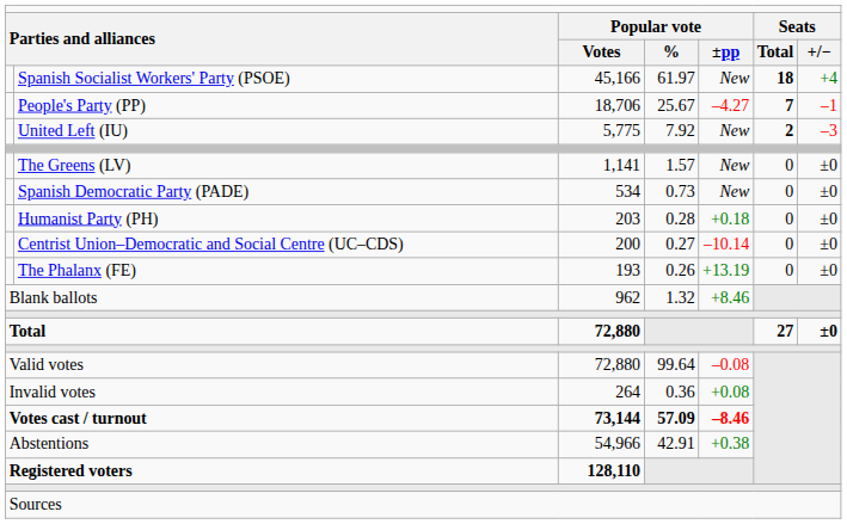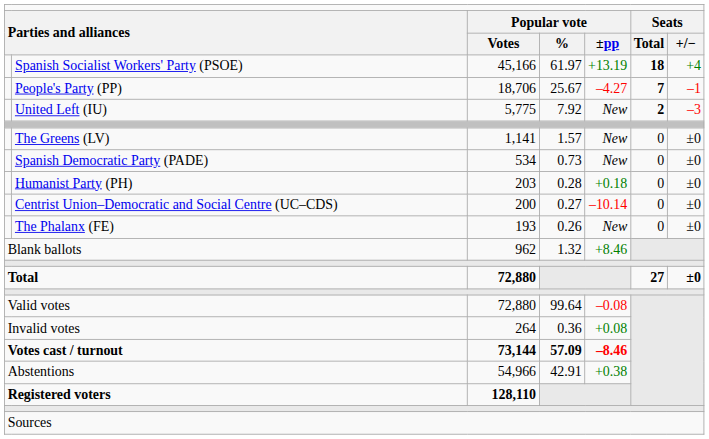 <table class="wikitable" style="text-align:right;">
 <tr>
 <td colspan="7"></td>
 </tr>
 <tr>
 <th style="text-align:left;" rowspan="2" colspan="2" width="525">Parties and alliances</th>
 <th colspan="3">Popular vote</th>
 <th colspan="2">Seats</th>
 </tr>
 <tr>
 <th width="75">Votes</th>
 <th width="45">%</th>
 <th width="45">±<a href='#'>pp</a></th>
 <th width="35">Total</th>
 <th width="35">+/−</th>
 </tr>
 <tr>
 <td width="1" style="color:inherit;background:"></td>
 <td align="left"><a href='#'>Spanish Socialist Workers' Party</a> (PSOE)</td>
 <td>45,166</td>
 <td>61.97</td>
-<td><em>New</em></td>
+<td style="color:green;">+13.19</td>
 <td><strong>18</strong></td>
 <td style="color:green;">+4</td>
 </tr>
 <tr>
 <td style="color:inherit;background:"></td>
 <td align="left"><a href='#'>People's Party</a> (PP)</td>
 <td>18,706</td>
 <td>25.67</td>
 <td style="color:red;">–4.27</td>
 <td><strong>7</strong></td>
 <td style="color:red;">–1</td>
 </tr>
 <tr>
 <td style="color:inherit;background:"></td>
 <td align="left"><a href='#'>United Left</a> (IU)</td>
 <td>5,775</td>
 <td>7.92</td>
 <td><em>New</em></td>
 <td><strong>2</strong></td>
 <td style="color:red;">–3</td>
 </tr>
 <tr>
 <td colspan="7" bgcolor="#C0C0C0"></td>
 </tr>
 <tr>
 <td style="color:inherit;background:"></td>
 <td align="left"><a href='#'>The Greens</a> (LV)</td>
 <td>1,141</td>
 <td>1.57</td>
 <td><em>New</em></td>
 <td>0</td>
 <td>±0</td>
 </tr>
 <tr>
 <td style="color:inherit;background:"></td>
 <td align="left"><a href='#'>Spanish Democratic Party</a> (PADE)</td>
 <td>534</td>
 <td>0.73</td>
 <td><em>New</em></td>
 <td>0</td>
 <td>±0</td>
 </tr>
 <tr>
 <td style="color:inherit;background:"></td>
 <td align="left"><a href='#'>Humanist Party</a> (PH)</td>
 <td>203</td>
 <td>0.28</td>
 <td style="color:green;">+0.18</td>
 <td>0</td>
 <td>±0</td>
 </tr>
 <tr>
 <td style="color:inherit;background:"></td>
 <td align="left"><a href='#'>Centrist Union–Democratic and Social Centre</a> (UC–CDS)</td>
 <td>200</td>
 <td>0.27</td>
 <td style="color:red;">–10.14</td>
 <td>0</td>
 <td>±0</td>
 </tr>
 <tr>
 <td style="color:inherit;background:"></td>
 <td align="left"><a href='#'>The Phalanx</a> (FE)</td>
 <td>193</td>
 <td>0.26</td>
-<td style="color:green;">+13.19</td>
+<td><em>New</em></td>
 <td>0</td>
 <td>±0</td>
 </tr>
 <tr>
 <td align="left" colspan="2">Blank ballots</td>
 <td>962</td>
 <td>1.32</td>
 <td style="color:green;">+8.46</td>
 <td bgcolor="#E9E9E9" colspan="2"></td>
 </tr>
 <tr>
 <td colspan="7" bgcolor="#E9E9E9"></td>
 </tr>
 <tr style="font-weight:bold;">
 <td align="left" colspan="2">Total</td>
 <td>72,880</td>
 <td bgcolor="#E9E9E9" colspan="2"></td>
 <td>27</td>
 <td>±0</td>
 </tr>
 <tr>
 <td colspan="7" bgcolor="#E9E9E9"></td>
 </tr>
 <tr>
 <td align="left" colspan="2">Valid votes</td>
 <td>72,880</td>
 <td>99.64</td>
 <td style="color:red;">–0.08</td>
 <td bgcolor="#E9E9E9" colspan="2" rowspan="5"></td>
 </tr>
 <tr>
 <td align="left" colspan="2">Invalid votes</td>
 <td>264</td>
 <td>0.36</td>
 <td style="color:green;">+0.08</td>
 </tr>
 <tr style="font-weight:bold;">
 <td align="left" colspan="2">Votes cast / turnout</td>
 <td>73,144</td>
 <td>57.09</td>
 <td style="color:red;">–8.46</td>
 </tr>
 <tr>
 <td align="left" colspan="2">Abstentions</td>
 <td>54,966</td>
 <td>42.91</td>
 <td style="color:green;">+0.38</td>
 </tr>
 <tr style="font-weight:bold;">
 <td align="left" colspan="2">Registered voters</td>
 <td>128,110</td>
 <td bgcolor="#E9E9E9" colspan="2"></td>
 </tr>
 <tr>
 <td colspan="7" bgcolor="#E9E9E9"></td>
 </tr>
 <tr>
 <td align="left" colspan="7">Sources</td>
 </tr>
 </table>
